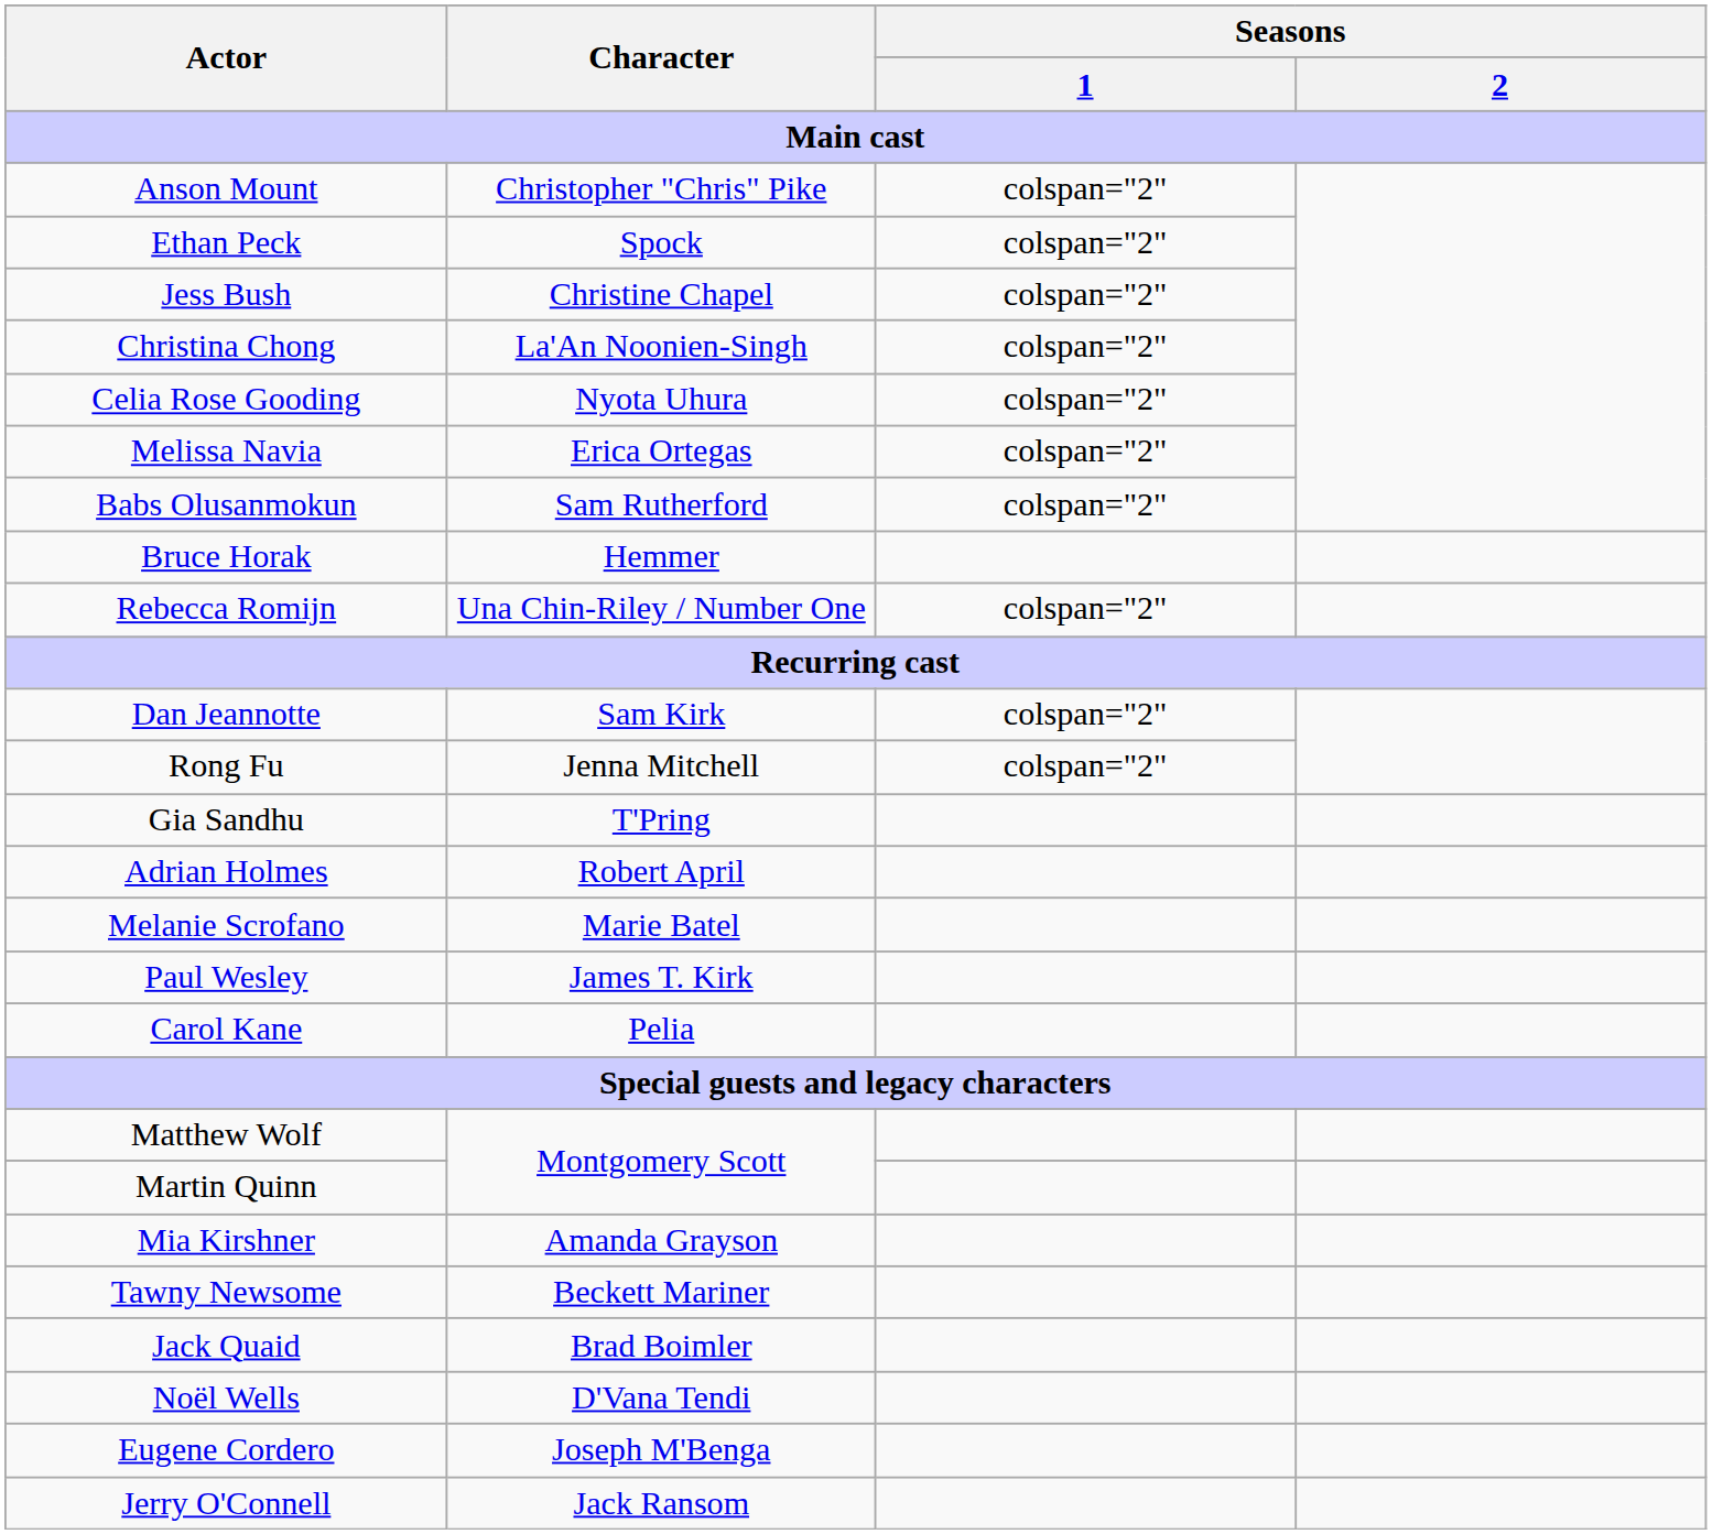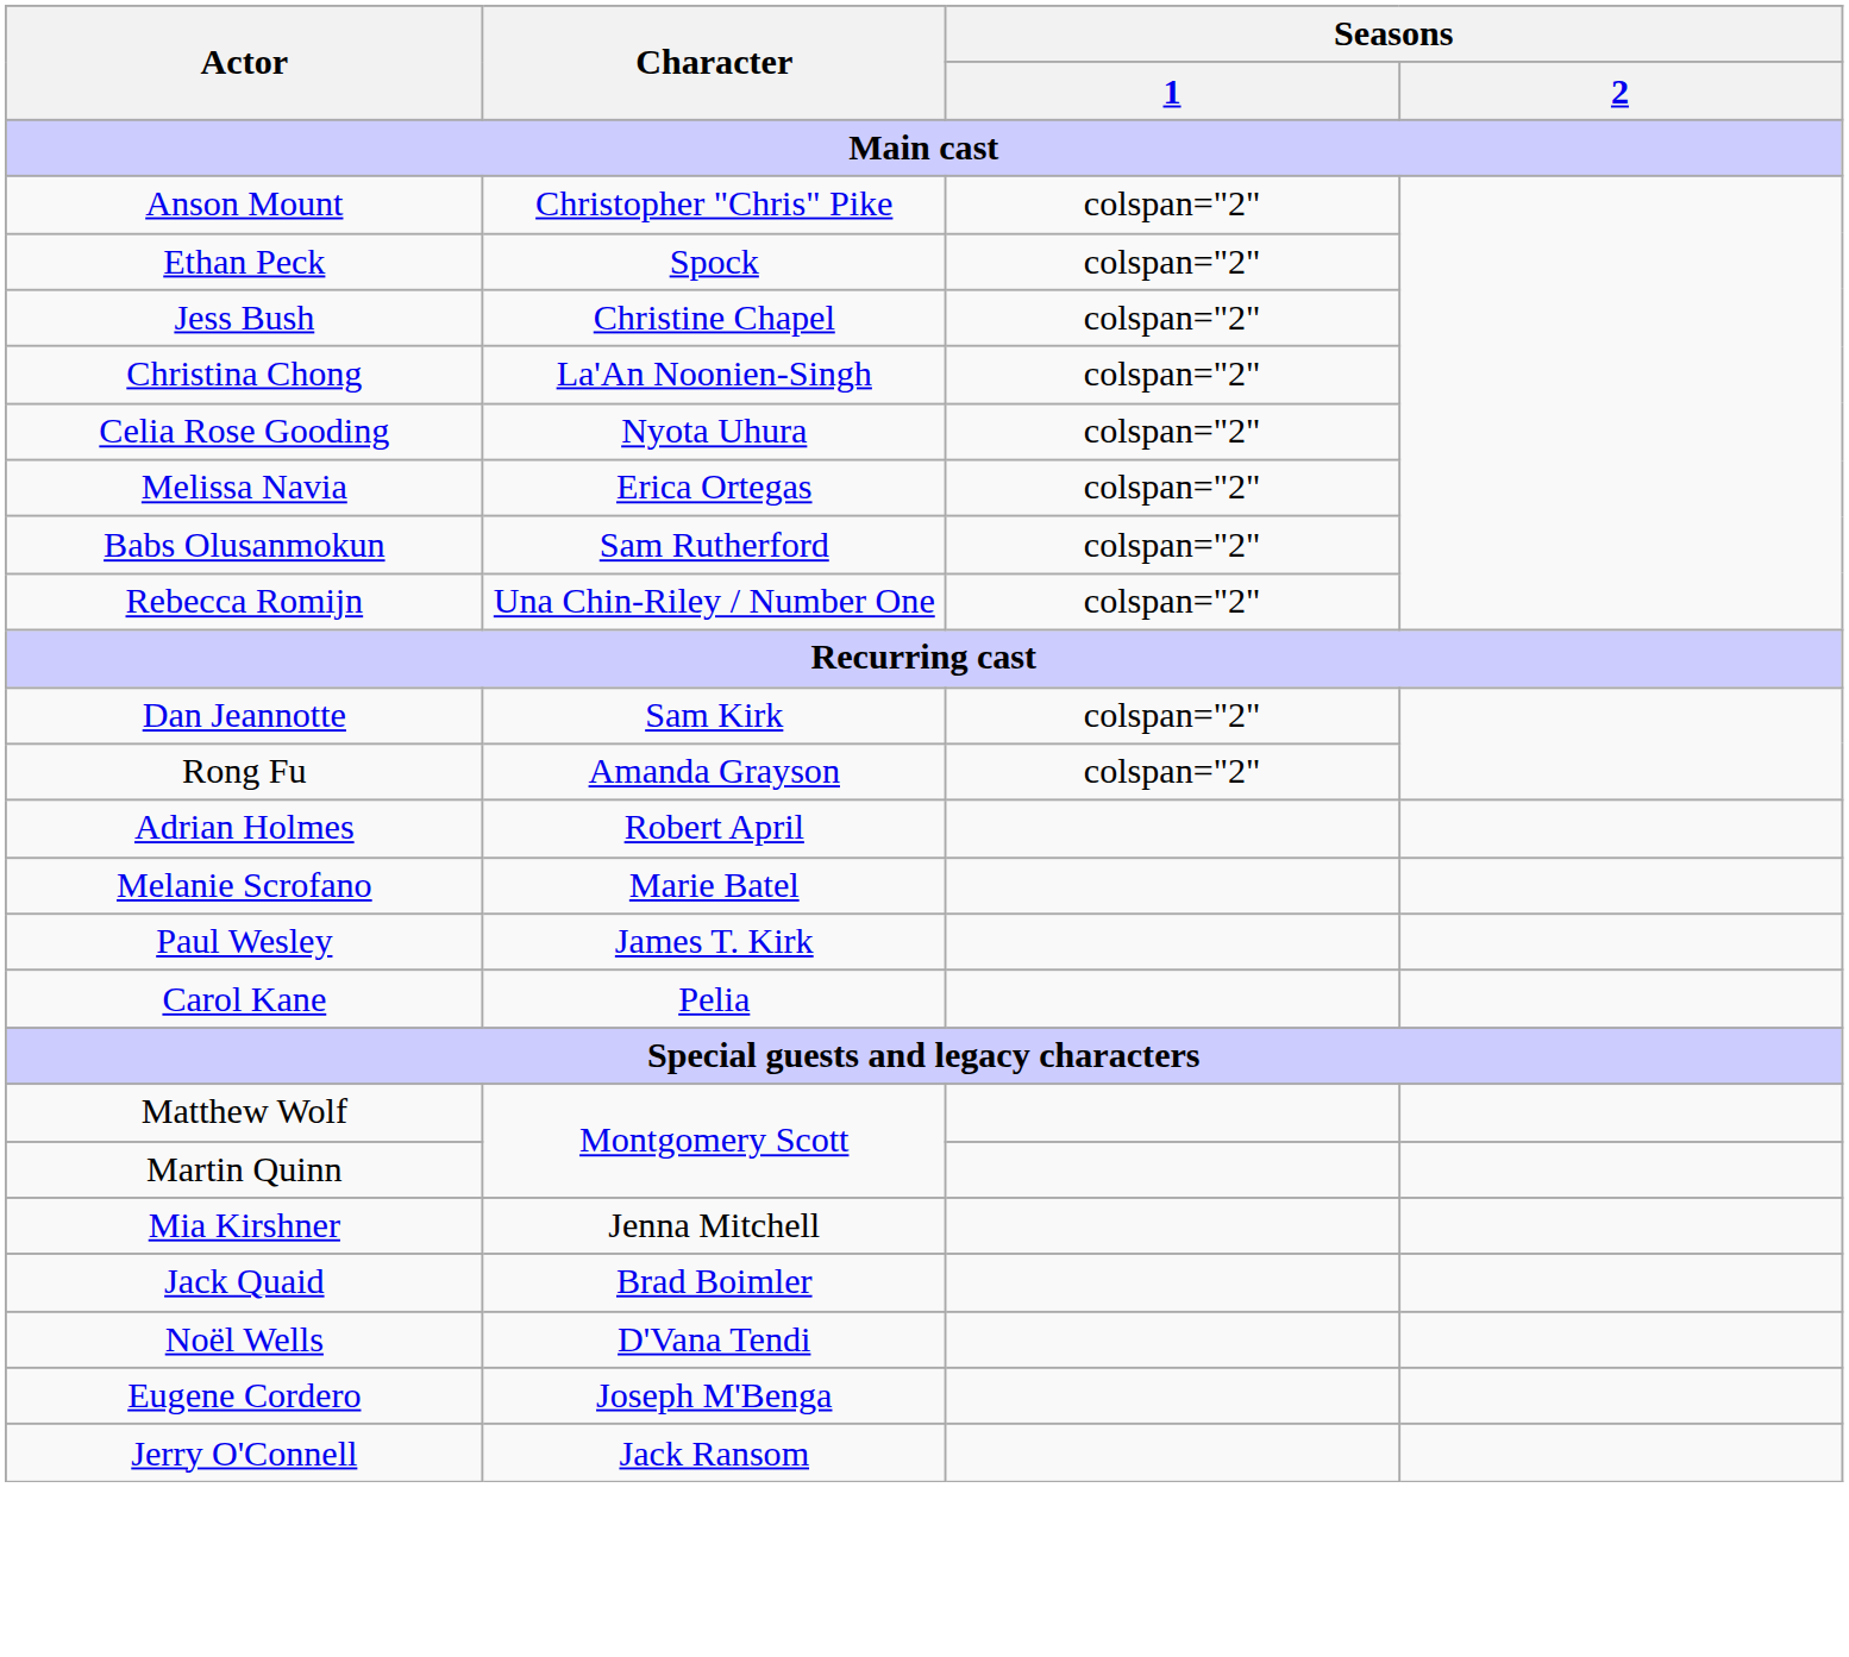 <table class="wikitable" style="text-align:center; width:65%;">
 <tr>
 <th rowspan="2" style="width:10%">Actor</th>
 <th rowspan="2" style="width:10%">Character</th>
 <th colspan="2">Seasons</th>
 </tr>
 <tr>
 <th scope="col" style="width:10%"><a href='#'>1</a></th>
 <th scope="col" style="width:10%"><a href='#'>2</a></th>
 </tr>
 <tr>
 <th colspan="4" style="background-color:#ccccff;">Main cast</th>
 </tr>
 <tr>
 <td><a href='#'>Anson Mount</a></td>
 <td scope="row"><a href='#'>Christopher "Chris" Pike</a></td>
 <td>colspan="2" </td>
 </tr>
 <tr>
 <td><a href='#'>Ethan Peck</a></td>
 <td scope="row"><a href='#'>Spock</a></td>
 <td>colspan="2" </td>
 </tr>
 <tr>
 <td><a href='#'>Jess Bush</a></td>
 <td scope="row"><a href='#'>Christine Chapel</a></td>
 <td>colspan="2" </td>
 </tr>
 <tr>
 <td><a href='#'>Christina Chong</a></td>
 <td scope="row"><a href='#'>La'An Noonien-Singh</a></td>
 <td>colspan="2" </td>
 </tr>
 <tr>
 <td><a href='#'>Celia Rose Gooding</a></td>
 <td scope="row"><a href='#'>Nyota Uhura</a></td>
 <td>colspan="2" </td>
 </tr>
 <tr>
 <td><a href='#'>Melissa Navia</a></td>
 <td scope="row"><a href='#'>Erica Ortegas</a></td>
 <td>colspan="2" </td>
 </tr>
 <tr>
 <td><a href='#'>Babs Olusanmokun</a></td>
 <td scope="row"><a href='#'>Sam Rutherford</a></td>
 <td>colspan="2" </td>
 </tr>
 <tr>
-<td><a href='#'>Bruce Horak</a></td>
-<td scope="row"><a href='#'>Hemmer</a></td>
-<td></td>
-<td></td>
-</tr>
-<tr>
 <td><a href='#'>Rebecca Romijn</a></td>
 <td scope="row"><a href='#'>Una Chin-Riley / Number One</a></td>
 <td>colspan="2" </td>
 </tr>
 <tr>
 <th colspan="4" style="background-color:#ccccff;">Recurring cast</th>
 </tr>
 <tr>
 <td><a href='#'>Dan Jeannotte</a></td>
 <td scope="row"><a href='#'>Sam Kirk</a></td>
 <td>colspan="2" </td>
 </tr>
 <tr>
 <td>Rong Fu</td>
-<td scope="row">Jenna Mitchell</td>
+<td scope="row"><a href='#'>Amanda Grayson</a></td>
 <td>colspan="2" </td>
-</tr>
-<tr>
-<td>Gia Sandhu</td>
-<td scope="row"><a href='#'>T'Pring</a></td>
-<td></td>
-<td></td>
 </tr>
 <tr>
 <td><a href='#'>Adrian Holmes</a></td>
 <td scope="row"><a href='#'>Robert April</a></td>
 <td></td>
 <td></td>
 </tr>
 <tr>
 <td><a href='#'>Melanie Scrofano</a></td>
 <td scope="row"><a href='#'>Marie Batel</a></td>
 <td></td>
 <td></td>
 </tr>
 <tr>
 <td><a href='#'>Paul Wesley</a></td>
 <td scope="row"><a href='#'>James T. Kirk</a></td>
 <td></td>
 <td></td>
 </tr>
 <tr>
 <td><a href='#'>Carol Kane</a></td>
 <td scope=row><a href='#'>Pelia</a></td>
 <td></td>
 <td></td>
 </tr>
 <tr>
 <th colspan="4" style="background-color:#ccccff;">Special guests and legacy characters</th>
 </tr>
 <tr>
 <td>Matthew Wolf</td>
 <td scope="row" rowspan="2"><a href='#'>Montgomery Scott</a></td>
 <td></td>
 <td></td>
 </tr>
 <tr>
 <td>Martin Quinn</td>
 <td></td>
 <td></td>
 </tr>
 <tr>
 <td><a href='#'>Mia Kirshner</a></td>
-<td scope="row"><a href='#'>Amanda Grayson</a></td>
-<td></td>
-<td></td>
-</tr>
-<tr>
-<td><a href='#'>Tawny Newsome</a></td>
-<td scope="row"><a href='#'>Beckett Mariner</a></td>
+<td scope="row">Jenna Mitchell</td>
 <td></td>
 <td></td>
 </tr>
 <tr>
 <td><a href='#'>Jack Quaid</a></td>
 <td scope="row"><a href='#'>Brad Boimler</a></td>
 <td></td>
 <td></td>
 </tr>
 <tr>
 <td><a href='#'>Noël Wells</a></td>
 <td scope="row"><a href='#'>D'Vana Tendi</a></td>
 <td></td>
 <td></td>
 </tr>
 <tr>
 <td><a href='#'>Eugene Cordero</a></td>
 <td scope="row"><a href='#'>Joseph M'Benga</a></td>
 <td></td>
 <td></td>
 </tr>
 <tr>
 <td><a href='#'>Jerry O'Connell</a></td>
 <td scope="row"><a href='#'>Jack Ransom</a></td>
 <td></td>
 <td></td>
 </tr>
 </table>
